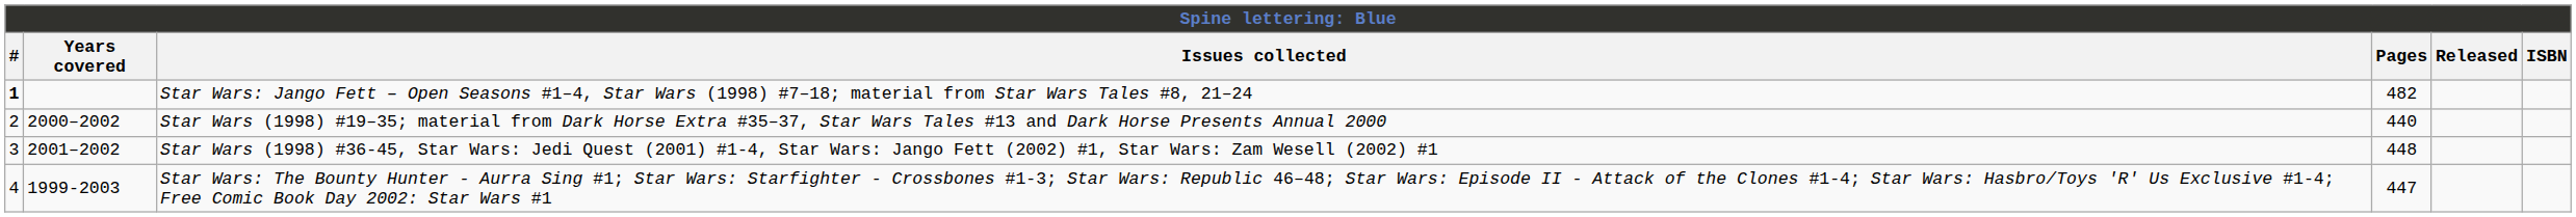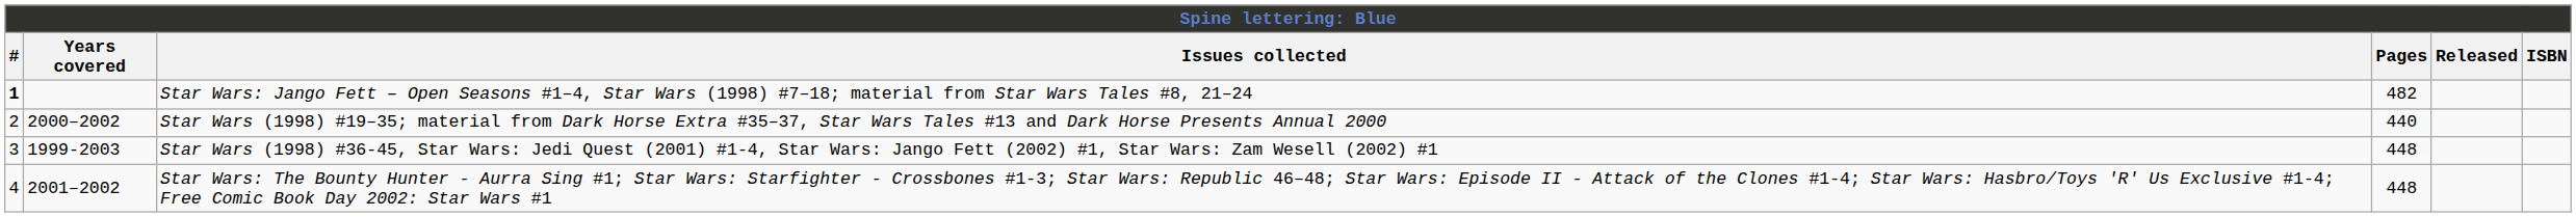 <table class="wikitable sortable" width=98%>
 <tr>
 <th colspan=6 style="background-color: #31312D; color: #5B7EC7;">Spine lettering: Blue</th>
 </tr>
 <tr>
 <th class="unsortable">#</th>
 <th>Years covered</th>
 <th class="unsortable">Issues collected</th>
 <th class="unsortable">Pages</th>
 <th>Released</th>
 <th class="unsortable">ISBN</th>
 </tr>
 <tr>
 <td><strong>1</strong></td>
 <td></td>
 <td><em>Star Wars: Jango Fett – Open Seasons</em> #1–4, <em>Star Wars</em> (1998) #7–18; material from <em>Star Wars Tales</em> #8, 21–24</td>
 <td style="text-align: center;">482</td>
 <td></td>
 <td></td>
 </tr>
 <tr>
 <td>2</td>
 <td>2000–2002</td>
 <td><em>Star Wars</em> (1998) #19–35; material from <em>Dark Horse Extra</em> #35–37, <em>Star Wars Tales</em> #13 and <em>Dark Horse Presents Annual 2000</em></td>
 <td style="text-align: center;">440</td>
 <td></td>
 <td></td>
 </tr>
 <tr>
 <td>3</td>
-<td>2001–2002</td>
+<td>1999-2003</td>
 <td><em>Star Wars</em> (1998) #36-45, Star Wars: Jedi Quest (2001) #1-4, Star Wars: Jango Fett (2002) #1, Star Wars: Zam Wesell (2002) #1</td>
 <td style="text-align: center;">448</td>
 <td></td>
 <td></td>
 </tr>
 <tr>
 <td>4</td>
-<td>1999-2003</td>
+<td>2001–2002</td>
 <td><em>Star Wars: The Bounty Hunter - Aurra Sing</em> #1; <em>Star Wars: Starfighter - Crossbones</em> #1-3; <em>Star Wars: Republic</em> 46–48; <em>Star Wars: Episode II - Attack of the Clones</em> #1-4; <em>Star Wars: Hasbro/Toys 'R' Us Exclusive</em> #1-4; <em>Free Comic Book Day 2002: Star Wars</em> #1</td>
-<td style="text-align: center;">447</td>
+<td style="text-align: center;">448</td>
 <td></td>
 <td></td>
 </tr>
 </table>
